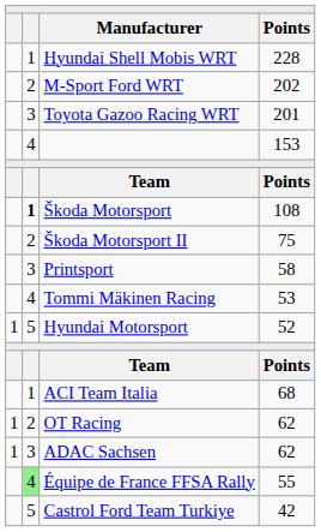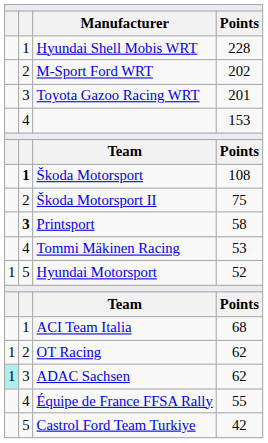 <table class="wikitable" style="font-size: 85%;">
 <tr>
 <td style="background-color:#EAECF0; text-align:center" colspan="4"></td>
 </tr>
 <tr>
 <th></th>
 <th></th>
 <th>Manufacturer</th>
 <th>Points</th>
 </tr>
 <tr>
 <td align="left"></td>
 <td align="center">1</td>
 <td> <a href='#'>Hyundai Shell Mobis WRT</a></td>
 <td align="center">228</td>
 </tr>
 <tr>
 <td align="left"></td>
 <td align="center">2</td>
 <td> <a href='#'>M-Sport Ford WRT</a></td>
 <td align="center">202</td>
 </tr>
 <tr>
 <td align="left"></td>
 <td align="center">3</td>
 <td> <a href='#'>Toyota Gazoo Racing WRT</a></td>
 <td align="center">201</td>
 </tr>
 <tr>
 <td align="left"></td>
 <td align="center">4</td>
 <td></td>
 <td align="center">153</td>
 </tr>
 <tr>
 <td style="background-color:#EAECF0; text-align:center" colspan="4"></td>
 </tr>
 <tr>
 <th></th>
 <th></th>
 <th>Team</th>
 <th>Points</th>
 </tr>
 <tr>
 <td align="left"></td>
 <td align="center"><strong>1</strong></td>
 <td> <a href='#'>Škoda Motorsport</a></td>
 <td align="center">108</td>
 </tr>
 <tr>
 <td align="left"></td>
 <td align="center">2</td>
 <td> <a href='#'>Škoda Motorsport II</a></td>
 <td align="center">75</td>
 </tr>
 <tr>
 <td align="left"></td>
-<td align="center">3</td>
+<td align="center"><strong>3</strong></td>
 <td> <a href='#'>Printsport</a></td>
 <td align="center">58</td>
 </tr>
 <tr>
 <td align="left"></td>
 <td align="center">4</td>
 <td> <a href='#'>Tommi Mäkinen Racing</a></td>
 <td align="center">53</td>
 </tr>
 <tr>
 <td align="left"> 1</td>
 <td align="center">5</td>
 <td> <a href='#'>Hyundai Motorsport</a></td>
 <td align="center">52</td>
 </tr>
 <tr>
 <td style="background-color:#EAECF0; text-align:center" colspan="4"></td>
 </tr>
 <tr>
 <th></th>
 <th></th>
 <th>Team</th>
 <th>Points</th>
 </tr>
 <tr>
 <td align="left"></td>
 <td align="center">1</td>
 <td> <a href='#'>ACI Team Italia</a></td>
 <td align="center">68</td>
 </tr>
 <tr>
 <td align="left"> 1</td>
 <td align="center">2</td>
 <td> <a href='#'>OT Racing</a></td>
 <td align="center">62</td>
 </tr>
 <tr>
-<td align="left"> 1</td>
+<td align="left" style="background: paleturquoise;"> 1</td>
 <td align="center">3</td>
 <td> <a href='#'>ADAC Sachsen</a></td>
 <td align="center">62</td>
 </tr>
 <tr>
 <td align="left"></td>
-<td align="center" style="background: lightgreen;">4</td>
+<td align="center">4</td>
 <td> <a href='#'>Équipe de France FFSA Rally</a></td>
 <td align="center">55</td>
 </tr>
 <tr>
 <td align="left"></td>
 <td align="center">5</td>
 <td> <a href='#'>Castrol Ford Team Turkiye</a></td>
 <td align="center">42</td>
 </tr>
 </table>
